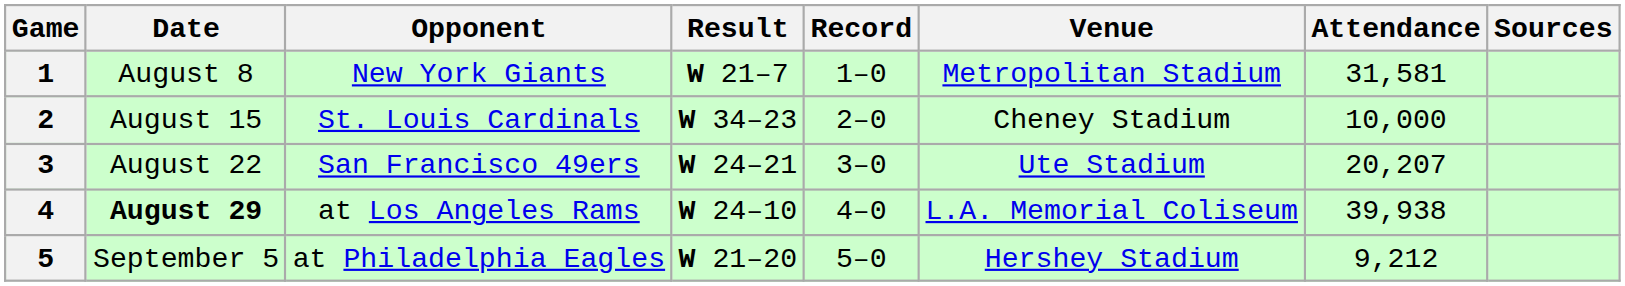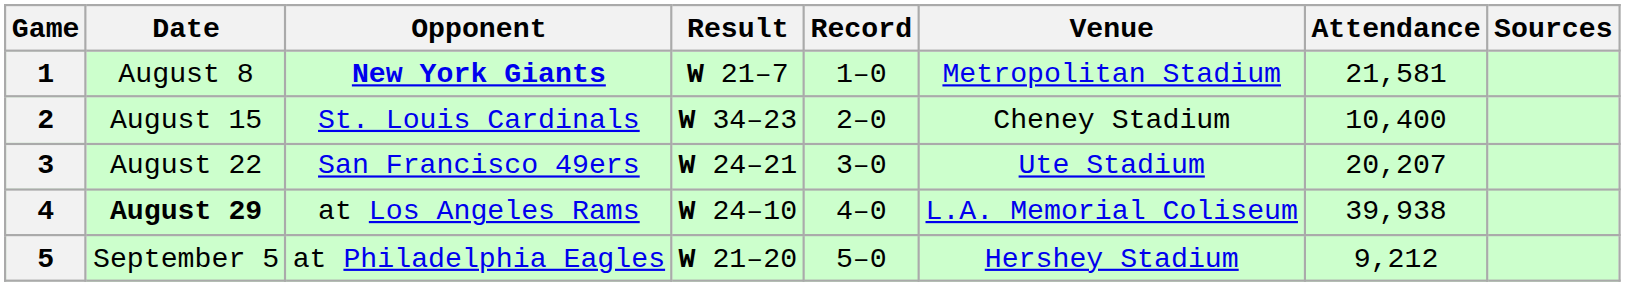 <table class="wikitable" style="text-align:center">
 <tr>
 <th>Game</th>
 <th>Date</th>
 <th>Opponent</th>
 <th>Result</th>
 <th>Record</th>
 <th>Venue</th>
 <th>Attendance</th>
 <th>Sources</th>
 </tr>
 <tr style="background:#cfc">
 <th>1</th>
 <td>August 8</td>
-<td><a href='#'>New York Giants</a></td>
+<td><strong><a href='#'>New York Giants</a></strong></td>
 <td><strong>W</strong> 21–7</td>
 <td>1–0</td>
 <td><a href='#'>Metropolitan Stadium</a></td>
-<td>31,581</td>
+<td>21,581</td>
 <td></td>
 </tr>
 <tr style="background:#cfc">
 <th>2</th>
 <td>August 15</td>
 <td><a href='#'>St. Louis Cardinals</a></td>
 <td><strong>W</strong> 34–23</td>
 <td>2–0</td>
 <td>Cheney Stadium </td>
-<td>10,000</td>
+<td>10,400</td>
 <td></td>
 </tr>
 <tr style="background:#cfc">
 <th>3</th>
 <td>August 22</td>
 <td><a href='#'>San Francisco 49ers</a></td>
 <td><strong>W</strong> 24–21</td>
 <td>3–0</td>
 <td><a href='#'>Ute Stadium</a> </td>
 <td>20,207</td>
 <td></td>
 </tr>
 <tr style="background:#cfc">
 <th>4</th>
 <td><strong>August 29</strong></td>
 <td>at <a href='#'>Los Angeles Rams</a></td>
 <td><strong>W</strong> 24–10</td>
 <td>4–0</td>
 <td><a href='#'>L.A. Memorial Coliseum</a></td>
 <td>39,938</td>
 <td></td>
 </tr>
 <tr style="background:#cfc">
 <th>5</th>
 <td>September 5</td>
 <td>at <a href='#'>Philadelphia Eagles</a></td>
 <td><strong>W</strong> 21–20</td>
 <td>5–0</td>
 <td><a href='#'>Hershey Stadium</a> </td>
 <td>9,212</td>
 <td></td>
 </tr>
 </table>
